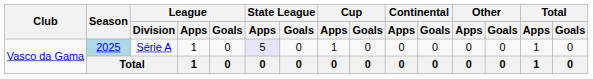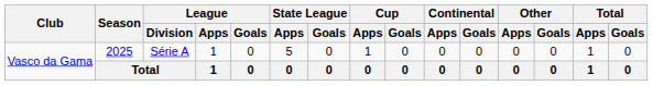 <table class="wikitable" style="text-align: center;">
 <tr>
 <th rowspan="2">Club</th>
 <th rowspan="2">Season</th>
 <th colspan="3">League</th>
 <th colspan="2">State League</th>
 <th colspan="2">Cup</th>
 <th colspan="2">Continental</th>
 <th colspan="2">Other</th>
 <th colspan="2">Total</th>
 </tr>
 <tr>
 <th>Division</th>
 <th>Apps</th>
 <th>Goals</th>
 <th>Apps</th>
 <th>Goals</th>
 <th>Apps</th>
 <th>Goals</th>
 <th>Apps</th>
 <th>Goals</th>
 <th>Apps</th>
 <th>Goals</th>
 <th>Apps</th>
 <th>Goals</th>
 </tr>
 <tr>
 <td rowspan="2" valign="center"><a href='#'>Vasco da Gama</a></td>
-<td style="background: lightblue;"><a href='#'>2025</a></td>
+<td><a href='#'>2025</a></td>
 <td rowspan="1"><a href='#'>Série A</a></td>
 <td>1</td>
 <td>0</td>
-<td style="background: lavender;">5</td>
+<td>5</td>
 <td>0</td>
 <td>1</td>
 <td>0</td>
 <td>0</td>
 <td>0</td>
 <td>0</td>
 <td>0</td>
 <td>1</td>
 <td>0</td>
 </tr>
 <tr>
 <th colspan="2"><strong>Total</strong></th>
 <th>1</th>
 <th>0</th>
 <th>0</th>
 <th>0</th>
 <th>0</th>
 <th>0</th>
 <th>0</th>
 <th>0</th>
 <th>0</th>
 <th>0</th>
 <th>1</th>
 <th>0</th>
 </tr>
 </table>
